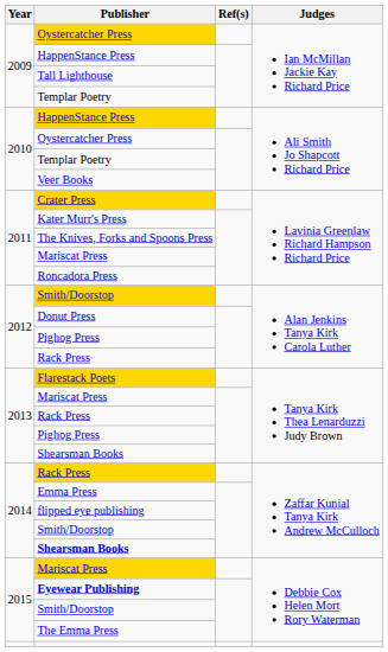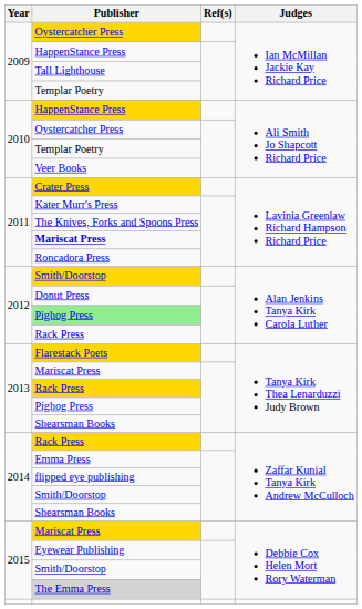 <table class="wikitable" width=%100>
 <tr>
 <th>Year</th>
 <th>Publisher</th>
 <th>Ref(s)</th>
 <th>Judges</th>
 </tr>
 <tr>
 <td rowspan="4">2009</td>
 <td style="background:gold;white-space:nowrap"><a href='#'>Oystercatcher Press</a></td>
 <td></td>
 <td rowspan="4"><br><ul><li><a href='#'>Ian McMillan</a></li><li><a href='#'>Jackie Kay</a></li><li><a href='#'>Richard Price</a></li></ul></td>
 </tr>
 <tr>
 <td><a href='#'>HappenStance Press</a></td>
 </tr>
 <tr>
 <td><a href='#'>Tall Lighthouse</a></td>
 </tr>
 <tr>
 <td>Templar Poetry</td>
 </tr>
 <tr>
 <td rowspan="4">2010</td>
 <td style="background:gold;white-space:nowrap"><a href='#'>HappenStance Press</a></td>
 <td></td>
 <td rowspan="4"><br><ul><li><a href='#'>Ali Smith</a></li><li><a href='#'>Jo Shapcott</a></li><li><a href='#'>Richard Price</a></li></ul></td>
 </tr>
 <tr>
 <td><a href='#'>Oystercatcher Press</a></td>
 </tr>
 <tr>
 <td>Templar Poetry</td>
 </tr>
 <tr>
 <td><a href='#'>Veer Books</a></td>
 </tr>
 <tr>
 <td rowspan="5">2011</td>
 <td style="background:gold;white-space:nowrap"><a href='#'>Crater Press</a></td>
 <td></td>
 <td rowspan="5"><br><ul><li><a href='#'>Lavinia Greenlaw</a></li><li><a href='#'>Richard Hampson</a></li><li><a href='#'>Richard Price</a></li></ul></td>
 </tr>
 <tr>
 <td><a href='#'>Kater Murr's Press</a></td>
 </tr>
 <tr>
 <td><a href='#'>The Knives, Forks and Spoons Press</a></td>
 </tr>
 <tr>
-<td><a href='#'>Mariscat Press</a></td>
+<td><strong><a href='#'>Mariscat Press</a></strong></td>
 </tr>
 <tr>
 <td><a href='#'>Roncadora Press</a></td>
 </tr>
 <tr>
 <td rowspan="4">2012</td>
 <td style="background:gold;white-space:nowrap"><a href='#'>Smith/Doorstop</a></td>
 <td></td>
 <td rowspan="4"><br><ul><li><a href='#'>Alan Jenkins</a></li><li><a href='#'>Tanya Kirk</a></li><li><a href='#'>Carola Luther</a></li></ul></td>
 </tr>
 <tr>
 <td><a href='#'>Donut Press</a></td>
 </tr>
 <tr>
-<td><a href='#'>Pighog Press</a></td>
+<td style="background: lightgreen;"><a href='#'>Pighog Press</a></td>
 </tr>
 <tr>
 <td><a href='#'>Rack Press</a></td>
 </tr>
 <tr>
 <td rowspan="5">2013</td>
 <td style="background:gold;white-space:nowrap"><a href='#'>Flarestack Poets</a></td>
 <td></td>
 <td rowspan="5"><br><ul><li><a href='#'>Tanya Kirk</a></li><li><a href='#'>Thea Lenarduzzi</a></li><li>Judy Brown</li></ul></td>
 </tr>
 <tr>
 <td><a href='#'>Mariscat Press</a></td>
 </tr>
 <tr>
-<td><a href='#'>Rack Press</a></td>
+<td style="background: gold;"><a href='#'>Rack Press</a></td>
 </tr>
 <tr>
 <td><a href='#'>Pighog Press</a></td>
 </tr>
 <tr>
 <td><a href='#'>Shearsman Books</a></td>
 </tr>
 <tr>
 <td rowspan="5">2014</td>
 <td style="background:gold;white-space:nowrap"><a href='#'>Rack Press</a></td>
 <td></td>
 <td rowspan="5"><br><ul><li><a href='#'>Zaffar Kunial</a></li><li><a href='#'>Tanya Kirk</a></li><li><a href='#'>Andrew McCulloch</a></li></ul></td>
 </tr>
 <tr>
 <td><a href='#'>Emma Press</a></td>
 </tr>
 <tr>
 <td><a href='#'>flipped eye publishing</a></td>
 </tr>
 <tr>
 <td><a href='#'>Smith/Doorstop</a></td>
 </tr>
 <tr>
-<td><strong><a href='#'>Shearsman Books</a></strong></td>
+<td><a href='#'>Shearsman Books</a></td>
 </tr>
 <tr>
 <td rowspan="4">2015</td>
 <td style="background:gold;white-space:nowrap"><a href='#'>Mariscat Press</a></td>
 <td></td>
 <td rowspan="4"><br><ul><li><a href='#'>Debbie Cox</a></li><li><a href='#'>Helen Mort</a></li><li><a href='#'>Rory Waterman</a></li></ul></td>
 </tr>
 <tr>
-<td><strong><a href='#'>Eyewear Publishing</a></strong></td>
+<td><a href='#'>Eyewear Publishing</a></td>
 </tr>
 <tr>
 <td><a href='#'>Smith/Doorstop</a></td>
 </tr>
 <tr>
-<td><a href='#'>The Emma Press</a></td>
+<td style="background: lightgrey;"><a href='#'>The Emma Press</a></td>
 </tr>
 <tr>
 <td></td>
 <td></td>
 <td></td>
 </tr>
 </table>
